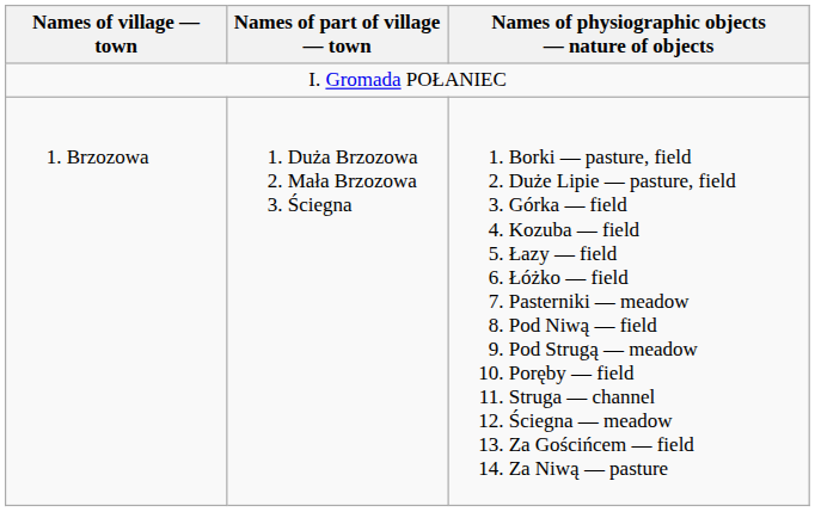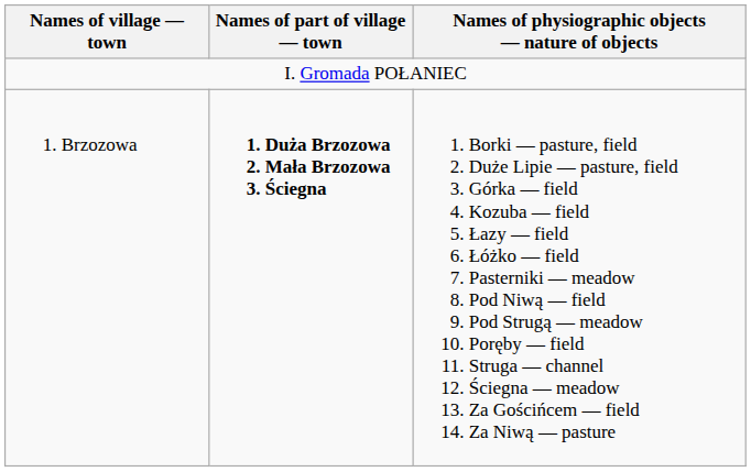 <table class="wikitable" style="text-align:center; font-size:90%" |>
 <tr>
 <th width="150px">Names of village — town</th>
 <th width="150px">Names of part of village<br> — town</th>
 <th width="250px">Names of physiographic objects<br> — nature of objects</th>
 </tr>
 <tr>
 <td colspan = "3">I. <a href='#'>Gromada</a> POŁANIEC</td>
 </tr>
 <tr>
 <td valign = "top" style="text-align:left"><br><ol><li>Brzozowa</li></ol></td>
-<td valign = "top" style="text-align:left"><br><ol><li>Duża Brzozowa</li><li>Mała Brzozowa</li><li>Ściegna</li></ol></td>
+<td valign = "top" style="text-align:left"><strong><br><ol><li>Duża Brzozowa</li><li>Mała Brzozowa</li><li>Ściegna</li></ol></strong></td>
 <td valign = "top" style="text-align:left"><br><ol><li>Borki — pasture, field</li><li>Duże Lipie — pasture, field</li><li>Górka — field</li><li>Kozuba — field</li><li>Łazy — field</li><li>Łóżko — field</li><li>Pasterniki — meadow</li><li>Pod Niwą — field</li><li>Pod Strugą — meadow</li><li>Poręby — field</li><li>Struga — channel</li><li>Ściegna — meadow</li><li>Za Gościńcem — field</li><li>Za Niwą — pasture</li></ol></td>
 </tr>
 </table>
